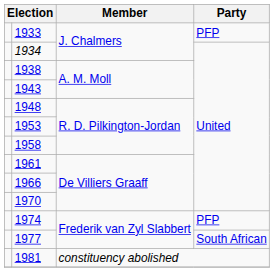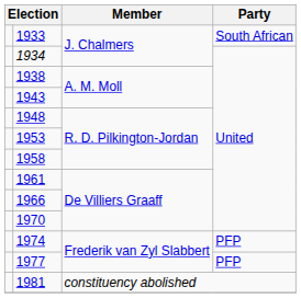 <table class="wikitable">
 <tr>
 <th colspan="2">Election</th>
 <th>Member</th>
 <th>Party</th>
 </tr>
 <tr>
 <td style="background-color: "></td>
 <td><a href='#'>1933</a></td>
 <td rowspan="2"><a href='#'>J. Chalmers</a></td>
-<td><a href='#'>PFP</a></td>
+<td><a href='#'>South African</a></td>
 </tr>
 <tr>
 <td style="background-color: "></td>
 <td><em>1934</em></td>
 <td rowspan="9"><a href='#'>United</a></td>
 </tr>
 <tr>
 <td style="background-color: "></td>
 <td><a href='#'>1938</a></td>
 <td rowspan="2"><a href='#'>A. M. Moll</a></td>
 </tr>
 <tr>
 <td style="background-color: "></td>
 <td><a href='#'>1943</a></td>
 </tr>
 <tr>
 <td style="background-color: "></td>
 <td><a href='#'>1948</a></td>
 <td rowspan="3"><a href='#'>R. D. Pilkington-Jordan</a></td>
 </tr>
 <tr>
 <td style="background-color: "></td>
 <td><a href='#'>1953</a></td>
 </tr>
 <tr>
 <td style="background-color: "></td>
 <td><a href='#'>1958</a></td>
 </tr>
 <tr>
 <td style="background-color: "></td>
 <td><a href='#'>1961</a></td>
 <td rowspan="3"><a href='#'>De Villiers Graaff</a></td>
 </tr>
 <tr>
 <td style="background-color: "></td>
 <td><a href='#'>1966</a></td>
 </tr>
 <tr>
 <td style="background-color: "></td>
 <td><a href='#'>1970</a></td>
 </tr>
 <tr>
 <td style="background-color: "></td>
 <td><a href='#'>1974</a></td>
 <td rowspan="2"><a href='#'>Frederik van Zyl Slabbert</a></td>
 <td><a href='#'>PFP</a></td>
 </tr>
 <tr>
 <td style="background-color: "></td>
 <td><a href='#'>1977</a></td>
-<td><a href='#'>South African</a></td>
+<td><a href='#'>PFP</a></td>
 </tr>
 <tr>
 <td style="background-color: "></td>
 <td><a href='#'>1981</a></td>
 <td colspan="2"><em>constituency abolished</em></td>
 </tr>
 <tr>
 </tr>
 </table>
